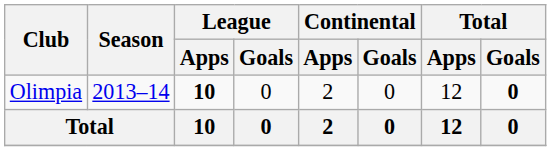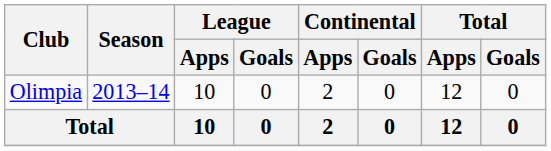 <table class="wikitable" style="text-align: center;">
 <tr>
 <th rowspan="2">Club</th>
 <th rowspan="2">Season</th>
 <th colspan="2">League</th>
 <th colspan="2">Continental</th>
 <th colspan="2">Total</th>
 </tr>
 <tr>
 <th>Apps</th>
 <th>Goals</th>
 <th>Apps</th>
 <th>Goals</th>
 <th>Apps</th>
 <th>Goals</th>
 </tr>
 <tr>
 <td rowspan="1"><a href='#'>Olimpia</a></td>
 <td><a href='#'>2013–14</a></td>
-<td><strong>10</strong></td>
+<td>10</td>
 <td>0</td>
 <td>2</td>
 <td>0</td>
 <td>12</td>
-<td><strong>0</strong></td>
+<td>0</td>
 </tr>
 <tr>
 <th colspan="2">Total</th>
 <th>10</th>
 <th>0</th>
 <th>2</th>
 <th>0</th>
 <th>12</th>
 <th>0</th>
 </tr>
 <tr>
 </tr>
 </table>
